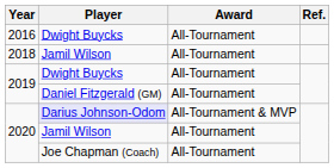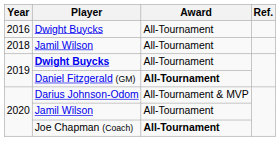 <table class="wikitable">
 <tr>
 <th>Year</th>
 <th>Player</th>
 <th>Award</th>
 <th>Ref.</th>
 </tr>
 <tr>
 <td>2016</td>
 <td><a href='#'>Dwight Buycks</a></td>
 <td>All-Tournament</td>
 <td></td>
 </tr>
 <tr>
 <td>2018</td>
 <td><a href='#'>Jamil Wilson</a></td>
 <td>All-Tournament</td>
 <td></td>
 </tr>
 <tr>
 <td rowspan=2>2019</td>
-<td><a href='#'>Dwight Buycks</a></td>
+<td><strong><a href='#'>Dwight Buycks</a></strong></td>
 <td>All-Tournament</td>
 <td rowspan=2></td>
 </tr>
 <tr>
 <td><a href='#'>Daniel Fitzgerald</a> <small>(GM)</small></td>
-<td>All-Tournament</td>
+<td><strong>All-Tournament</strong></td>
 </tr>
 <tr>
 <td rowspan=3>2020</td>
-<td style="background: lavender;"><a href='#'>Darius Johnson-Odom</a></td>
+<td><a href='#'>Darius Johnson-Odom</a></td>
 <td>All-Tournament & MVP</td>
 <td rowspan=3></td>
 </tr>
 <tr>
 <td><a href='#'>Jamil Wilson</a></td>
 <td>All-Tournament</td>
 </tr>
 <tr>
 <td>Joe Chapman <small>(Coach)</small></td>
-<td>All-Tournament</td>
+<td><strong>All-Tournament</strong></td>
 </tr>
 </table>
